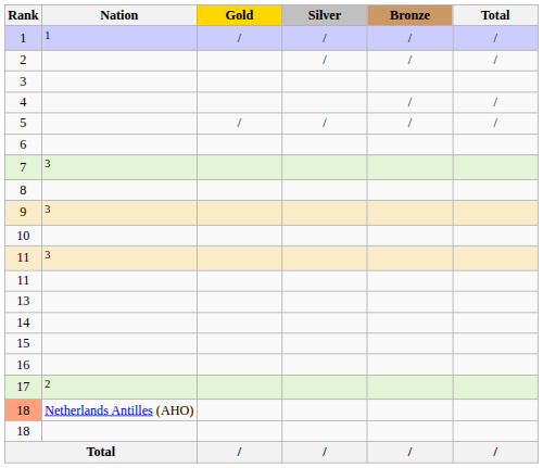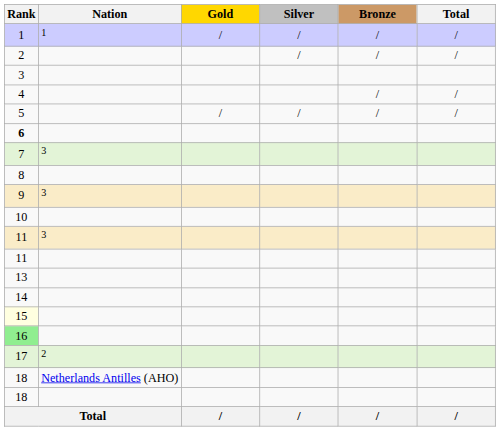 <table class="wikitable sortable plainrowheaders" style="text-align: center">
 <tr>
 <th scope="col">Rank</th>
 <th scope="col">Nation</th>
 <th scope="col" style="background-color:gold; width:6em;">Gold</th>
 <th scope="col" style="background-color:silver; width:6em;">Silver</th>
 <th scope="col" style="background-color:#cc9966; width:6em;">Bronze</th>
 <th scope="col" style="width:6em;">Total</th>
 </tr>
 <tr style="background-color:#ccccff">
 <td>1</td>
 <td align=left> <sup>1</sup> </td>
 <td>/</td>
 <td>/</td>
 <td>/</td>
 <td>/</td>
 </tr>
 <tr>
 <td>2</td>
 <td align=left> </td>
 <td></td>
 <td>/</td>
 <td>/</td>
 <td>/</td>
 </tr>
 <tr>
 <td>3</td>
 <td align=left></td>
 <td></td>
 <td></td>
 <td></td>
 <td></td>
 </tr>
 <tr>
 <td>4</td>
 <td align=left> </td>
 <td></td>
 <td></td>
 <td>/</td>
 <td>/</td>
 </tr>
 <tr>
 <td>5</td>
 <td align=left> </td>
 <td>/</td>
 <td>/</td>
 <td>/</td>
 <td>/</td>
 </tr>
 <tr>
-<td>6</td>
+<td><strong>6</strong></td>
 <td align=left></td>
 <td></td>
 <td></td>
 <td></td>
 <td></td>
 </tr>
 <tr style="background-color:#e3f4d7">
 <td>7</td>
 <td align=left><sup>3</sup></td>
 <td></td>
 <td></td>
 <td></td>
 <td></td>
 </tr>
 <tr>
 <td>8</td>
 <td align=left></td>
 <td></td>
 <td></td>
 <td></td>
 <td></td>
 </tr>
 <tr style="background-color:#faecc8">
 <td>9</td>
 <td align=left> <sup>3</sup></td>
 <td></td>
 <td></td>
 <td></td>
 <td></td>
 </tr>
 <tr>
 <td>10</td>
 <td align=left></td>
 <td></td>
 <td></td>
 <td></td>
 <td></td>
 </tr>
 <tr style="background-color:#faecc8">
 <td>11</td>
 <td align=left> <sup>3</sup></td>
 <td></td>
 <td></td>
 <td></td>
 <td></td>
 </tr>
 <tr>
 <td>11</td>
 <td align=left></td>
 <td></td>
 <td></td>
 <td></td>
 <td></td>
 </tr>
 <tr>
 <td>13</td>
 <td align=left></td>
 <td></td>
 <td></td>
 <td></td>
 <td></td>
 </tr>
 <tr>
 <td>14</td>
 <td align=left></td>
 <td></td>
 <td></td>
 <td></td>
 <td></td>
 </tr>
 <tr>
-<td>15</td>
+<td style="background: lightyellow;">15</td>
 <td align=left></td>
 <td></td>
 <td></td>
 <td></td>
 <td></td>
 </tr>
 <tr>
-<td>16</td>
+<td style="background: lightgreen;">16</td>
 <td align=left></td>
 <td></td>
 <td></td>
 <td></td>
 <td></td>
 </tr>
 <tr style="background-color:#e3f4d7">
 <td>17</td>
 <td align=left> <sup>2</sup></td>
 <td></td>
 <td></td>
 <td></td>
 <td></td>
 </tr>
 <tr>
-<td style="background: lightsalmon;">18</td>
+<td>18</td>
 <td align=left> <a href='#'>Netherlands Antilles</a> (AHO)</td>
 <td></td>
 <td></td>
 <td></td>
 <td></td>
 </tr>
 <tr>
 <td>18</td>
 <td align=left></td>
 <td></td>
 <td></td>
 <td></td>
 <td></td>
 </tr>
 <tr class="sortbottom">
 <th colspan=2>Total</th>
 <th>/</th>
 <th>/</th>
 <th>/</th>
 <th>/</th>
 </tr>
 </table>
